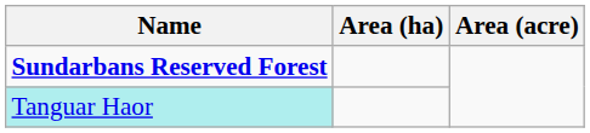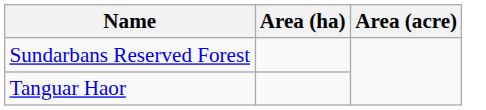 <table class="wikitable sortable">
 <tr>
 <th scope="col" align=left>Name</th>
 <th scope="col">Area (ha)</th>
 <th scope="col">Area (acre)</th>
 </tr>
 <tr ---->
-<td><strong><a href='#'>Sundarbans Reserved Forest</a></strong></td>
+<td><a href='#'>Sundarbans Reserved Forest</a></td>
 <td></td>
 </tr>
 <tr ---->
-<td style="background: paleturquoise;"><a href='#'>Tanguar Haor</a></td>
+<td><a href='#'>Tanguar Haor</a></td>
 <td></td>
 </tr>
 </table>
